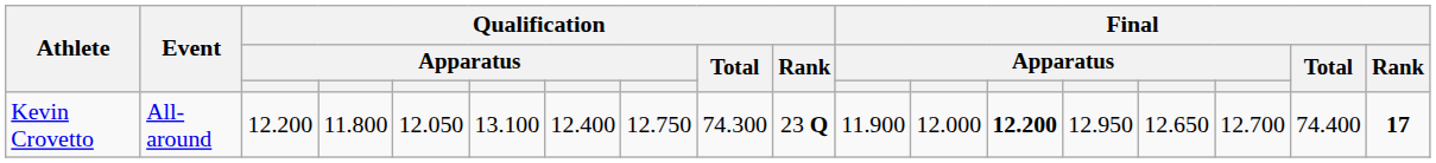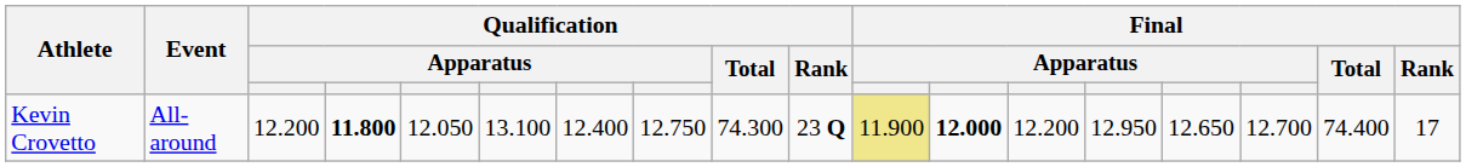 <table class="wikitable" style="font-size:90%">
 <tr>
 <th rowspan=3>Athlete</th>
 <th rowspan=3>Event</th>
 <th colspan =8>Qualification</th>
 <th colspan =8>Final</th>
 </tr>
 <tr style="font-size:95%">
 <th colspan=6>Apparatus</th>
 <th rowspan=2>Total</th>
 <th rowspan=2>Rank</th>
 <th colspan=6>Apparatus</th>
 <th rowspan=2>Total</th>
 <th rowspan=2>Rank</th>
 </tr>
 <tr style="font-size:95%">
 <th></th>
 <th></th>
 <th></th>
 <th></th>
 <th></th>
 <th></th>
 <th></th>
 <th></th>
 <th></th>
 <th></th>
 <th></th>
 <th></th>
 </tr>
 <tr align=center>
 <td align=left><a href='#'>Kevin Crovetto</a></td>
 <td align=left><a href='#'>All-around</a></td>
 <td>12.200</td>
-<td>11.800</td>
+<td><strong>11.800</strong></td>
 <td>12.050</td>
 <td>13.100</td>
 <td>12.400</td>
 <td>12.750</td>
 <td>74.300</td>
 <td>23 <strong>Q</strong></td>
-<td>11.900</td>
-<td>12.000</td>
-<td><strong>12.200</strong></td>
+<td style="background: khaki;">11.900</td>
+<td><strong>12.000</strong></td>
+<td>12.200</td>
 <td>12.950</td>
 <td>12.650</td>
 <td>12.700</td>
 <td>74.400</td>
-<td><strong>17</strong></td>
+<td>17</td>
 </tr>
 </table>
